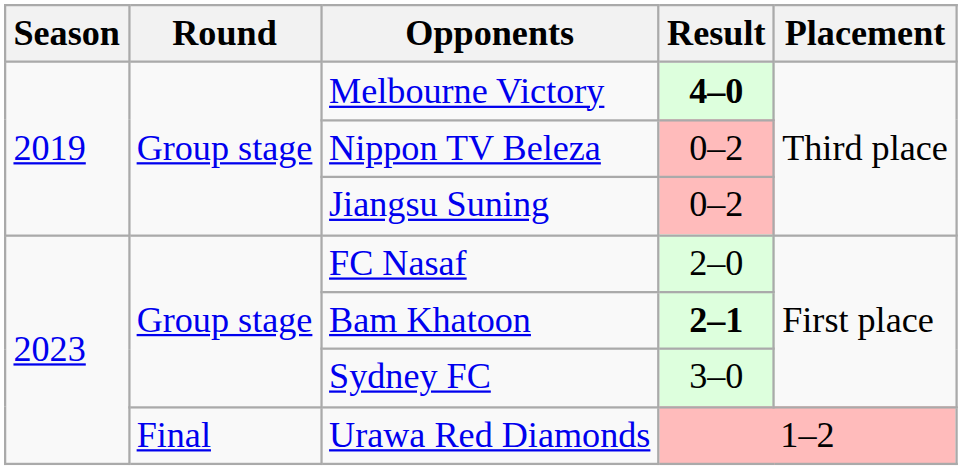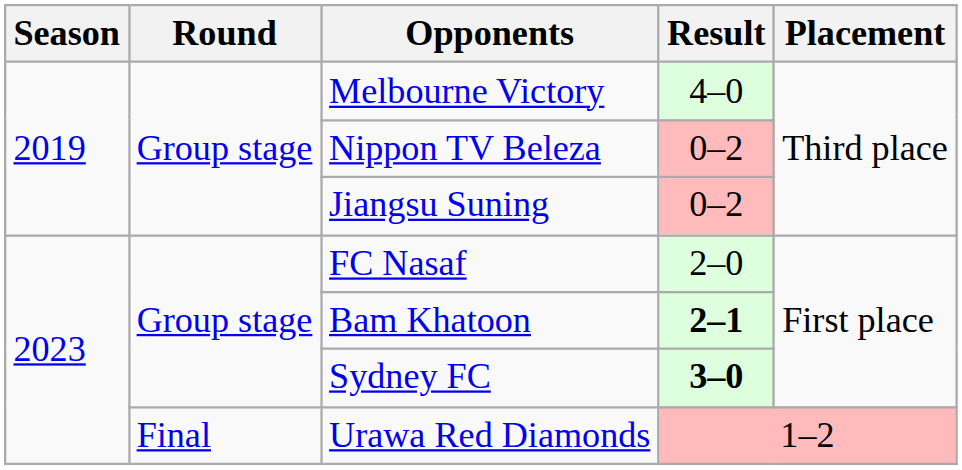 <table class="wikitable">
 <tr>
 <th>Season</th>
 <th>Round</th>
 <th>Opponents</th>
 <th>Result</th>
 <th>Placement</th>
 </tr>
 <tr>
 <td rowspan="3"><a href='#'>2019</a></td>
 <td rowspan="3"><a href='#'>Group stage</a></td>
 <td> <a href='#'>Melbourne Victory</a></td>
-<td bgcolor="#ddffdd" style="text-align:center;"><strong>4–0</strong></td>
+<td bgcolor="#ddffdd" style="text-align:center;">4–0</td>
 <td rowspan="3" style="text-align:center;">Third place</td>
 </tr>
 <tr>
 <td> <a href='#'>Nippon TV Beleza</a></td>
 <td bgcolor="#ffbbbb" style="text-align:center;">0–2</td>
 </tr>
 <tr>
 <td> <a href='#'>Jiangsu Suning</a></td>
 <td bgcolor="#ffbbbb" style="text-align:center;">0–2</td>
 </tr>
 <tr>
 <td rowspan="4"><a href='#'>2023</a></td>
 <td rowspan="3"><a href='#'>Group stage</a></td>
 <td> <a href='#'>FC Nasaf</a></td>
 <td bgcolor="#ddffdd" style="text-align:center;">2–0</td>
 <td rowspan="3">First place</td>
 </tr>
 <tr>
 <td> <a href='#'>Bam Khatoon</a></td>
 <td bgcolor="#ddffdd" style="text-align:center;"><strong>2–1</strong></td>
 </tr>
 <tr>
 <td> <a href='#'>Sydney FC</a></td>
-<td bgcolor="#ddffdd" style="text-align:center;">3–0</td>
+<td bgcolor="#ddffdd" style="text-align:center;"><strong>3–0</strong></td>
 </tr>
 <tr>
 <td><a href='#'>Final</a></td>
 <td> <a href='#'>Urawa Red Diamonds</a></td>
 <td colspan="2" bgcolor="#ffbbbb" style="text-align:center;">1–2</td>
 </tr>
 </table>
